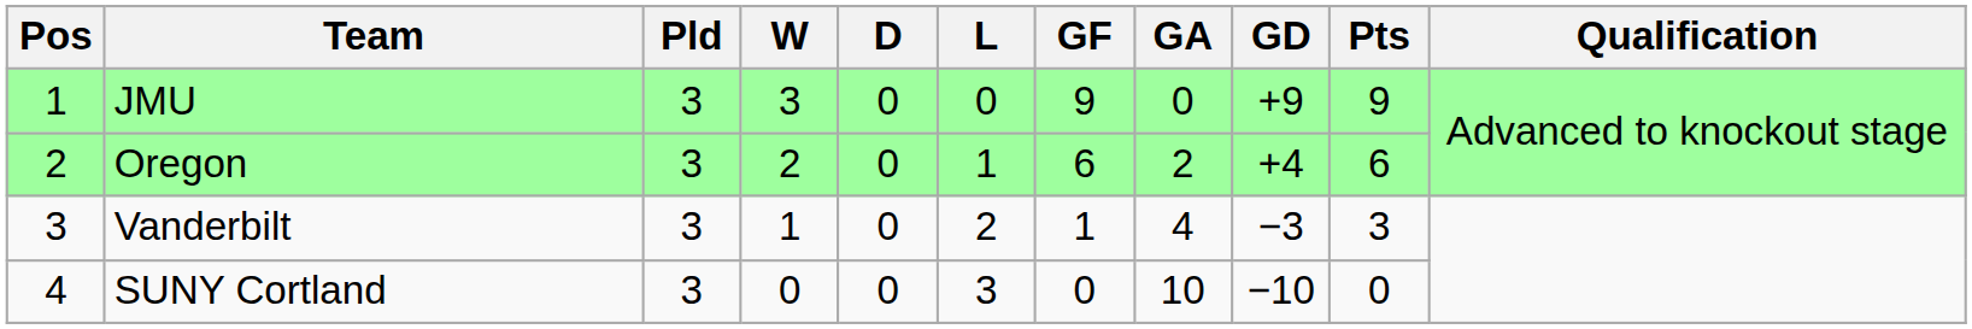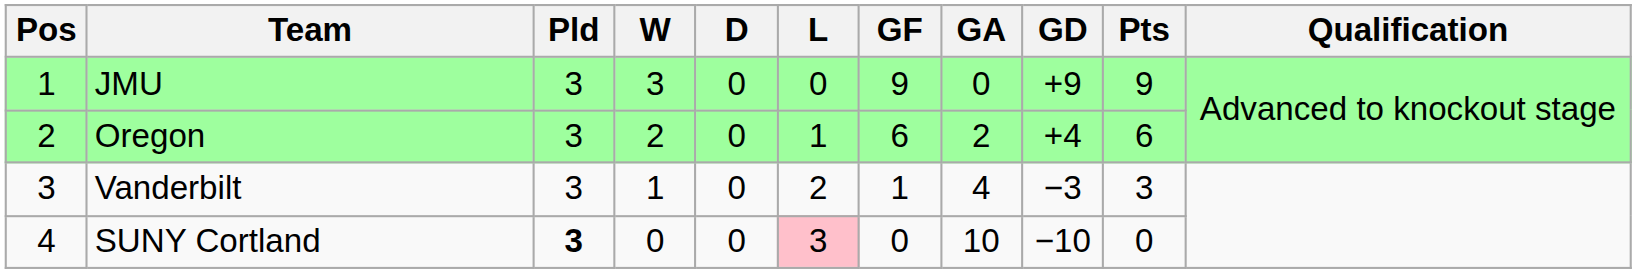 <table class="wikitable" style="text-align:center; margin: 1em auto">
 <tr>
 <th style="width:2em">Pos</th>
 <th style="width:13em">Team</th>
 <th style="width:2em">Pld</th>
 <th style="width:2em">W</th>
 <th style="width:2em">D</th>
 <th style="width:2em">L</th>
 <th style="width:2em">GF</th>
 <th style="width:2em">GA</th>
 <th style="width:2em">GD</th>
 <th style="width:2em">Pts</th>
 <th style="width:13em">Qualification</th>
 </tr>
 <tr bgcolor="#9eff9e">
 <td>1</td>
 <td style="text-align:left">JMU</td>
 <td>3</td>
 <td>3</td>
 <td>0</td>
 <td>0</td>
 <td>9</td>
 <td>0</td>
 <td>+9</td>
 <td>9</td>
 <td rowspan="2">Advanced to knockout stage</td>
 </tr>
 <tr bgcolor="#9eff9e">
 <td>2</td>
 <td style="text-align:left">Oregon</td>
 <td>3</td>
 <td>2</td>
 <td>0</td>
 <td>1</td>
 <td>6</td>
 <td>2</td>
 <td>+4</td>
 <td>6</td>
 </tr>
 <tr>
 <td>3</td>
 <td style="text-align:left">Vanderbilt</td>
 <td>3</td>
 <td>1</td>
 <td>0</td>
 <td>2</td>
 <td>1</td>
 <td>4</td>
 <td>−3</td>
 <td>3</td>
 </tr>
 <tr>
 <td>4</td>
 <td style="text-align:left">SUNY Cortland</td>
-<td>3</td>
+<td><strong>3</strong></td>
 <td>0</td>
 <td>0</td>
-<td>3</td>
+<td style="background: pink;">3</td>
 <td>0</td>
 <td>10</td>
 <td>−10</td>
 <td>0</td>
 </tr>
 </table>
